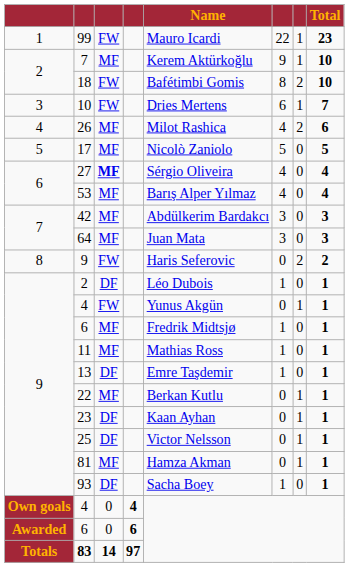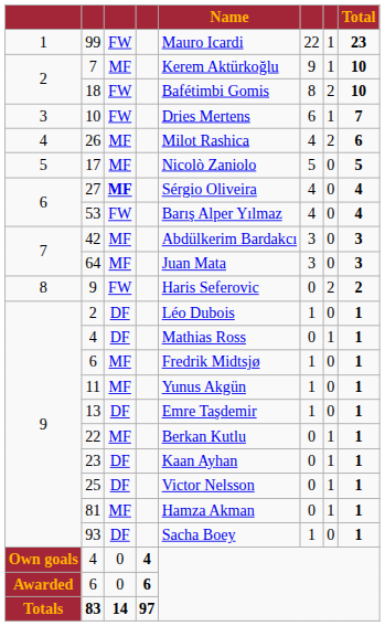 <table class="wikitable" style="text-align:center">
 <tr>
 <th style="background:#A32638; color:#FFB300; "></th>
 <th style="background:#A32638; color:#FFB300; "></th>
 <th style="background:#A32638; color:#FFB300; "></th>
 <th style="background:#A32638; color:#FFB300; "></th>
 <th style="background:#A32638; color:#FFB300; ">Name</th>
 <th style="background:#A32638; color:#FFB300; "></th>
 <th style="background:#A32638; color:#FFB300; "></th>
 <th style="background:#A32638; color:#FFB300; ">Total</th>
 </tr>
 <tr>
 <td rowspan="1">1</td>
 <td>99</td>
 <td><a href='#'>FW</a></td>
 <td></td>
 <td align=left><a href='#'>Mauro Icardi</a></td>
 <td>22</td>
 <td>1</td>
 <td><strong>23</strong></td>
 </tr>
 <tr>
 <td rowspan="2">2</td>
 <td>7</td>
 <td><a href='#'>MF</a></td>
 <td></td>
 <td align=left><a href='#'>Kerem Aktürkoğlu</a></td>
 <td>9</td>
 <td>1</td>
 <td><strong>10</strong></td>
 </tr>
 <tr>
 <td>18</td>
 <td><a href='#'>FW</a></td>
 <td></td>
 <td align=left><a href='#'>Bafétimbi Gomis</a></td>
 <td>8</td>
 <td>2</td>
 <td><strong>10</strong></td>
 </tr>
 <tr>
 <td rowspan="1">3</td>
 <td>10</td>
 <td><a href='#'>FW</a></td>
 <td></td>
 <td align=left><a href='#'>Dries Mertens</a></td>
 <td>6</td>
 <td>1</td>
 <td><strong>7</strong></td>
 </tr>
 <tr>
 <td rowspan="1">4</td>
 <td>26</td>
 <td><a href='#'>MF</a></td>
 <td></td>
 <td align=left><a href='#'>Milot Rashica</a></td>
 <td>4</td>
 <td>2</td>
 <td><strong>6</strong></td>
 </tr>
 <tr>
 <td rowspan="1">5</td>
 <td>17</td>
 <td><a href='#'>MF</a></td>
 <td></td>
 <td align=left><a href='#'>Nicolò Zaniolo</a></td>
 <td>5</td>
 <td>0</td>
 <td><strong>5</strong></td>
 </tr>
 <tr>
 <td rowspan="2">6</td>
 <td>27</td>
 <td><strong><a href='#'>MF</a></strong></td>
 <td></td>
 <td align=left><a href='#'>Sérgio Oliveira</a></td>
 <td>4</td>
 <td>0</td>
 <td><strong>4</strong></td>
 </tr>
 <tr>
 <td>53</td>
-<td><a href='#'>MF</a></td>
+<td><a href='#'>FW</a></td>
 <td></td>
 <td align=left><a href='#'>Barış Alper Yılmaz</a></td>
 <td>4</td>
 <td>0</td>
 <td><strong>4</strong></td>
 </tr>
 <tr>
 <td rowspan="2">7</td>
 <td>42</td>
 <td><a href='#'>MF</a></td>
 <td></td>
 <td align=left><a href='#'>Abdülkerim Bardakcı</a></td>
 <td>3</td>
 <td>0</td>
 <td><strong>3</strong></td>
 </tr>
 <tr>
 <td>64</td>
 <td><a href='#'>MF</a></td>
 <td></td>
 <td align=left><a href='#'>Juan Mata</a></td>
 <td>3</td>
 <td>0</td>
 <td><strong>3</strong></td>
 </tr>
 <tr>
 <td rowspan="1">8</td>
 <td>9</td>
 <td><a href='#'>FW</a></td>
 <td></td>
 <td align=left><a href='#'>Haris Seferovic</a></td>
 <td>0</td>
 <td>2</td>
 <td><strong>2</strong></td>
 </tr>
 <tr>
 <td rowspan="10">9</td>
 <td>2</td>
 <td><a href='#'>DF</a></td>
 <td></td>
 <td align=left><a href='#'>Léo Dubois</a></td>
 <td>1</td>
 <td>0</td>
 <td><strong>1</strong></td>
 </tr>
 <tr>
 <td>4</td>
-<td><a href='#'>FW</a></td>
+<td><a href='#'>DF</a></td>
 <td></td>
-<td align=left><a href='#'>Yunus Akgün</a></td>
+<td align=left><a href='#'>Mathias Ross</a></td>
 <td>0</td>
 <td>1</td>
 <td><strong>1</strong></td>
 </tr>
 <tr>
 <td>6</td>
 <td><a href='#'>MF</a></td>
 <td></td>
 <td align=left><a href='#'>Fredrik Midtsjø</a></td>
 <td>1</td>
 <td>0</td>
 <td><strong>1</strong></td>
 </tr>
 <tr>
 <td>11</td>
 <td><a href='#'>MF</a></td>
 <td></td>
-<td align=left><a href='#'>Mathias Ross</a></td>
+<td align=left><a href='#'>Yunus Akgün</a></td>
 <td>1</td>
 <td>0</td>
 <td><strong>1</strong></td>
 </tr>
 <tr>
 <td>13</td>
 <td><a href='#'>DF</a></td>
 <td></td>
 <td align=left><a href='#'>Emre Taşdemir</a></td>
 <td>1</td>
 <td>0</td>
 <td><strong>1</strong></td>
 </tr>
 <tr>
 <td>22</td>
 <td><a href='#'>MF</a></td>
 <td></td>
 <td align=left><a href='#'>Berkan Kutlu</a></td>
 <td>0</td>
 <td>1</td>
 <td><strong>1</strong></td>
 </tr>
 <tr>
 <td>23</td>
 <td><a href='#'>DF</a></td>
 <td></td>
 <td align=left><a href='#'>Kaan Ayhan</a></td>
 <td>0</td>
 <td>1</td>
 <td><strong>1</strong></td>
 </tr>
 <tr>
 <td>25</td>
 <td><a href='#'>DF</a></td>
 <td></td>
 <td align=left><a href='#'>Victor Nelsson</a></td>
 <td>0</td>
 <td>1</td>
 <td><strong>1</strong></td>
 </tr>
 <tr>
 <td>81</td>
 <td><a href='#'>MF</a></td>
 <td></td>
 <td align=left><a href='#'>Hamza Akman</a></td>
 <td>0</td>
 <td>1</td>
 <td><strong>1</strong></td>
 </tr>
 <tr>
 <td>93</td>
 <td><a href='#'>DF</a></td>
 <td></td>
 <td align=left><a href='#'>Sacha Boey</a></td>
 <td>1</td>
 <td>0</td>
 <td><strong>1</strong></td>
 </tr>
 <tr>
 <td style="background:#A32638; color:#FFB300; "><strong>Own goals</strong></td>
 <td>4</td>
 <td>0</td>
 <td><strong>4</strong></td>
 </tr>
 <tr>
 <td style="background:#A32638; color:#FFB300; "><strong>Awarded</strong></td>
 <td>6</td>
 <td>0</td>
 <td><strong>6</strong></td>
 </tr>
 <tr>
 <td style="background:#A32638; color:#FFB300; "><strong>Totals</strong></td>
 <td><strong>83</strong></td>
 <td><strong>14</strong></td>
 <td><strong>97</strong></td>
 </tr>
 </table>
